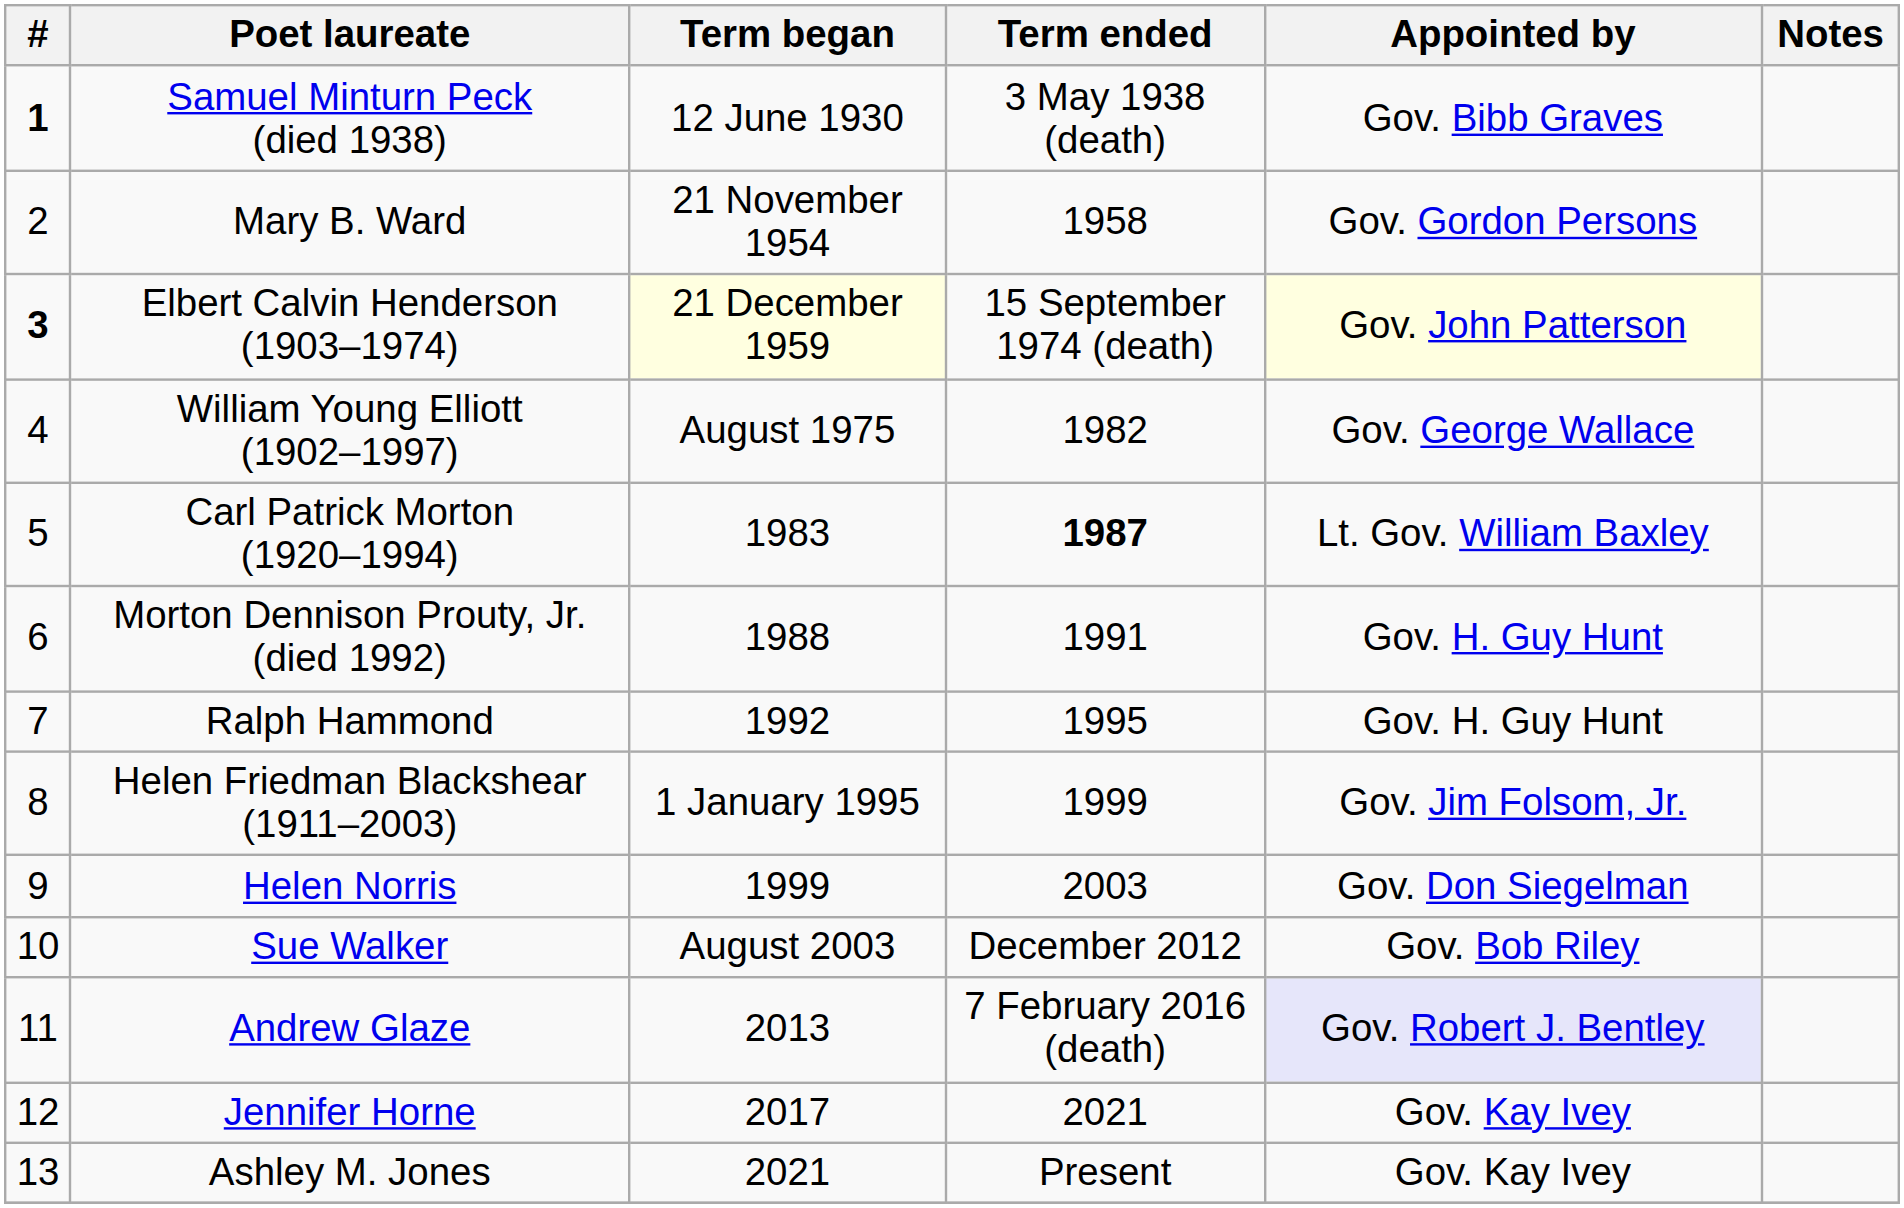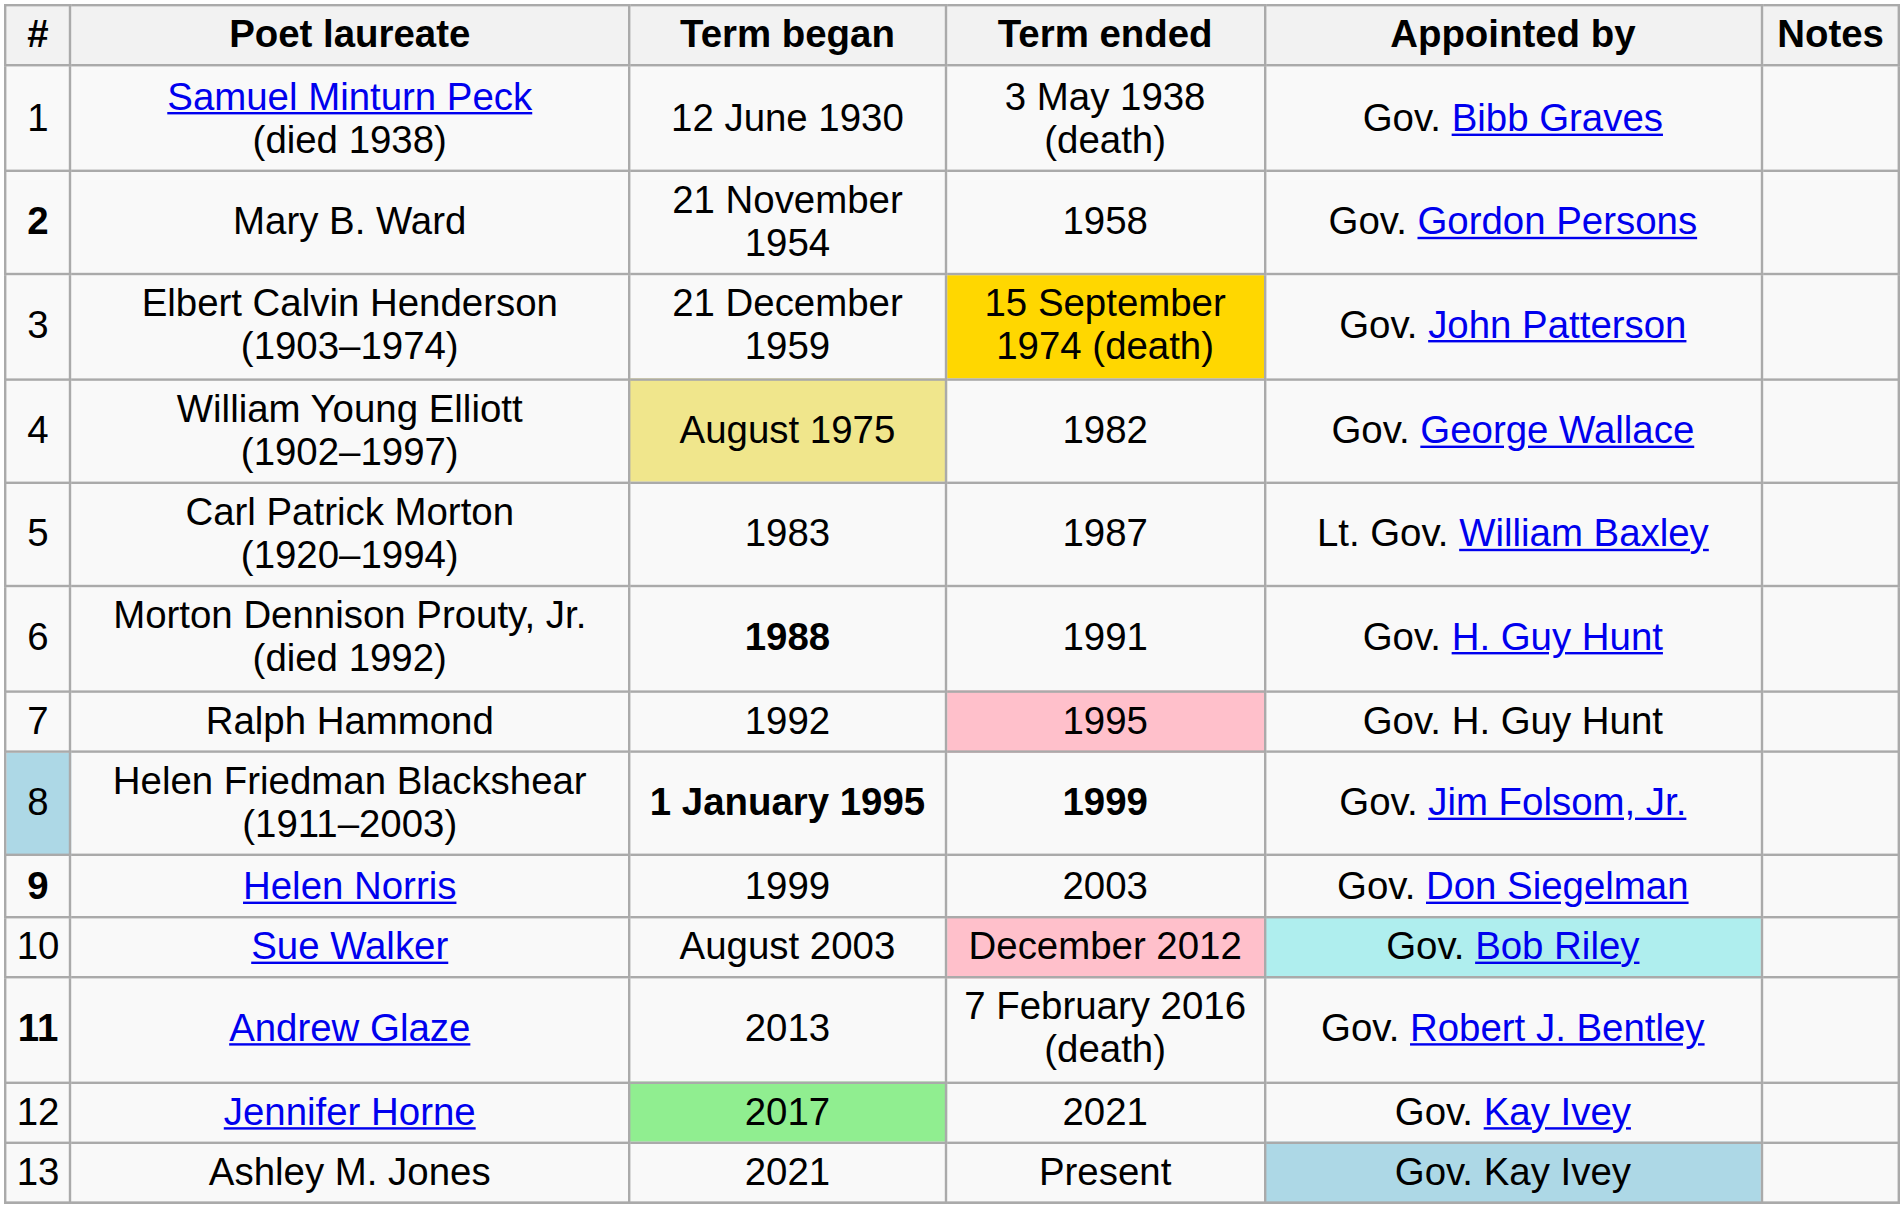 <table class="wikitable" style="text-align:center">
 <tr>
 <th scope="col" style="width:20px;">#</th>
 <th scope="col" style="width:225px;">Poet laureate</th>
 <th scope="col" style="width:125px;">Term began</th>
 <th scope="col" style="width:125px;">Term ended</th>
 <th scope="col" style="width:200px;">Appointed by</th>
 <th scope="col" style="width:50px;">Notes</th>
 </tr>
 <tr>
-<td><strong>1</strong></td>
+<td>1</td>
 <td><a href='#'>Samuel Minturn Peck</a><br>(died 1938)</td>
 <td>12 June 1930</td>
 <td>3 May 1938 (death)</td>
 <td>Gov. <a href='#'>Bibb Graves</a></td>
 <td></td>
 </tr>
 <tr>
-<td>2</td>
+<td><strong>2</strong></td>
 <td>Mary B. Ward</td>
 <td>21 November 1954</td>
 <td>1958</td>
 <td>Gov. <a href='#'>Gordon Persons</a></td>
 <td></td>
 </tr>
 <tr>
-<td><strong>3</strong></td>
+<td>3</td>
 <td>Elbert Calvin Henderson<br>(1903–1974)</td>
-<td style="background: lightyellow;">21 December 1959</td>
-<td>15 September 1974 (death)</td>
-<td style="background: lightyellow;">Gov. <a href='#'>John Patterson</a></td>
+<td>21 December 1959</td>
+<td style="background: gold;">15 September 1974 (death)</td>
+<td>Gov. <a href='#'>John Patterson</a></td>
 <td></td>
 </tr>
 <tr>
 <td>4</td>
 <td>William Young Elliott<br>(1902–1997)</td>
-<td>August 1975</td>
+<td style="background: khaki;">August 1975</td>
 <td>1982</td>
 <td>Gov. <a href='#'>George Wallace</a></td>
 <td></td>
 </tr>
 <tr>
 <td>5</td>
 <td>Carl Patrick Morton<br>(1920–1994)</td>
 <td>1983</td>
-<td><strong>1987</strong></td>
+<td>1987</td>
 <td>Lt. Gov. <a href='#'>William Baxley</a></td>
 <td></td>
 </tr>
 <tr>
 <td>6</td>
 <td>Morton Dennison Prouty, Jr.<br>(died 1992)</td>
-<td>1988</td>
+<td><strong>1988</strong></td>
 <td>1991</td>
 <td>Gov. <a href='#'>H. Guy Hunt</a></td>
 <td></td>
 </tr>
 <tr>
 <td>7</td>
 <td>Ralph Hammond</td>
 <td>1992</td>
-<td>1995</td>
+<td style="background: pink;">1995</td>
 <td>Gov. H. Guy Hunt</td>
 <td></td>
 </tr>
 <tr>
-<td>8</td>
+<td style="background: lightblue;">8</td>
 <td>Helen Friedman Blackshear<br>(1911–2003)</td>
-<td>1 January 1995</td>
-<td>1999</td>
+<td><strong>1 January 1995</strong></td>
+<td><strong>1999</strong></td>
 <td>Gov. <a href='#'>Jim Folsom, Jr.</a></td>
 <td></td>
 </tr>
 <tr>
-<td>9</td>
+<td><strong>9</strong></td>
 <td><a href='#'>Helen Norris</a></td>
 <td>1999</td>
 <td>2003</td>
 <td>Gov. <a href='#'>Don Siegelman</a></td>
 <td></td>
 </tr>
 <tr>
 <td>10</td>
 <td><a href='#'>Sue Walker</a></td>
 <td>August 2003</td>
-<td>December 2012</td>
-<td>Gov. <a href='#'>Bob Riley</a></td>
+<td style="background: pink;">December 2012</td>
+<td style="background: paleturquoise;">Gov. <a href='#'>Bob Riley</a></td>
 <td></td>
 </tr>
 <tr>
-<td>11</td>
+<td><strong>11</strong></td>
 <td><a href='#'>Andrew Glaze</a></td>
 <td>2013</td>
 <td>7 February 2016 (death)</td>
-<td style="background: lavender;">Gov. <a href='#'>Robert J. Bentley</a></td>
+<td>Gov. <a href='#'>Robert J. Bentley</a></td>
 <td></td>
 </tr>
 <tr>
 <td>12</td>
 <td><a href='#'>Jennifer Horne</a></td>
-<td>2017</td>
+<td style="background: lightgreen;">2017</td>
 <td>2021</td>
 <td>Gov. <a href='#'>Kay Ivey</a></td>
 <td></td>
 </tr>
 <tr>
 <td>13</td>
 <td>Ashley M. Jones</td>
 <td>2021</td>
 <td>Present</td>
-<td>Gov. Kay Ivey</td>
+<td style="background: lightblue;">Gov. Kay Ivey</td>
 <td></td>
 </tr>
 <tr>
 </tr>
 </table>
